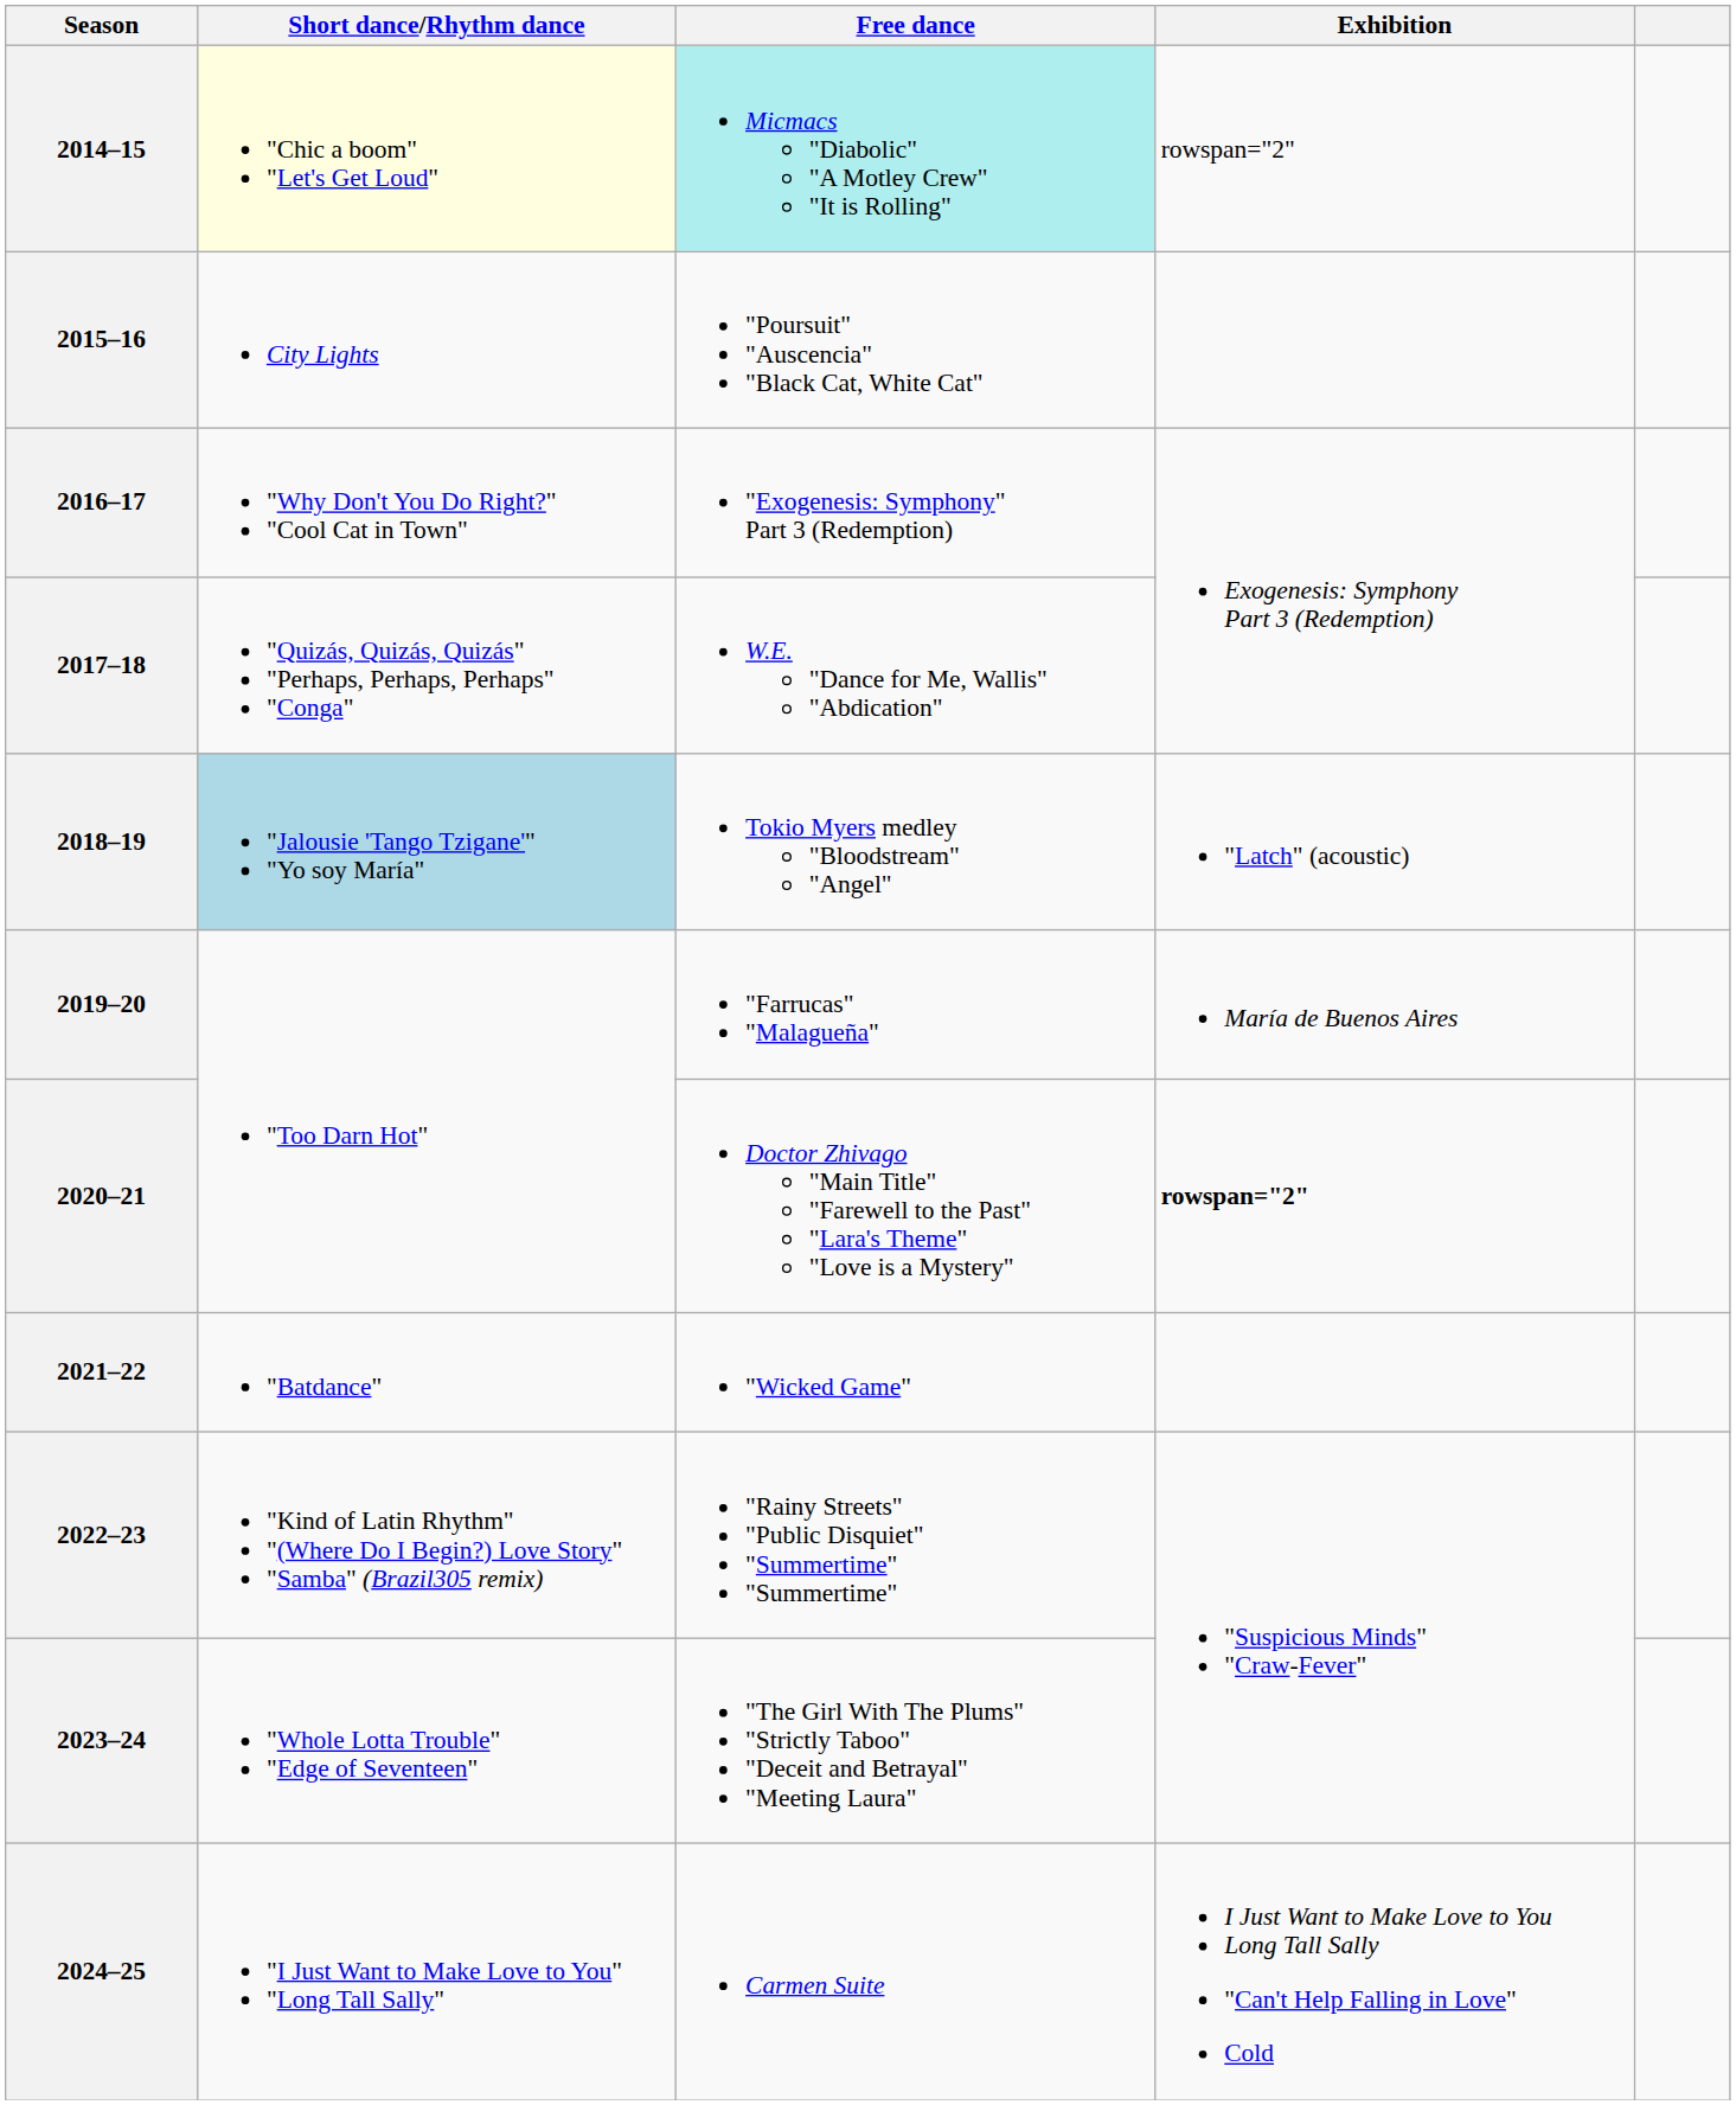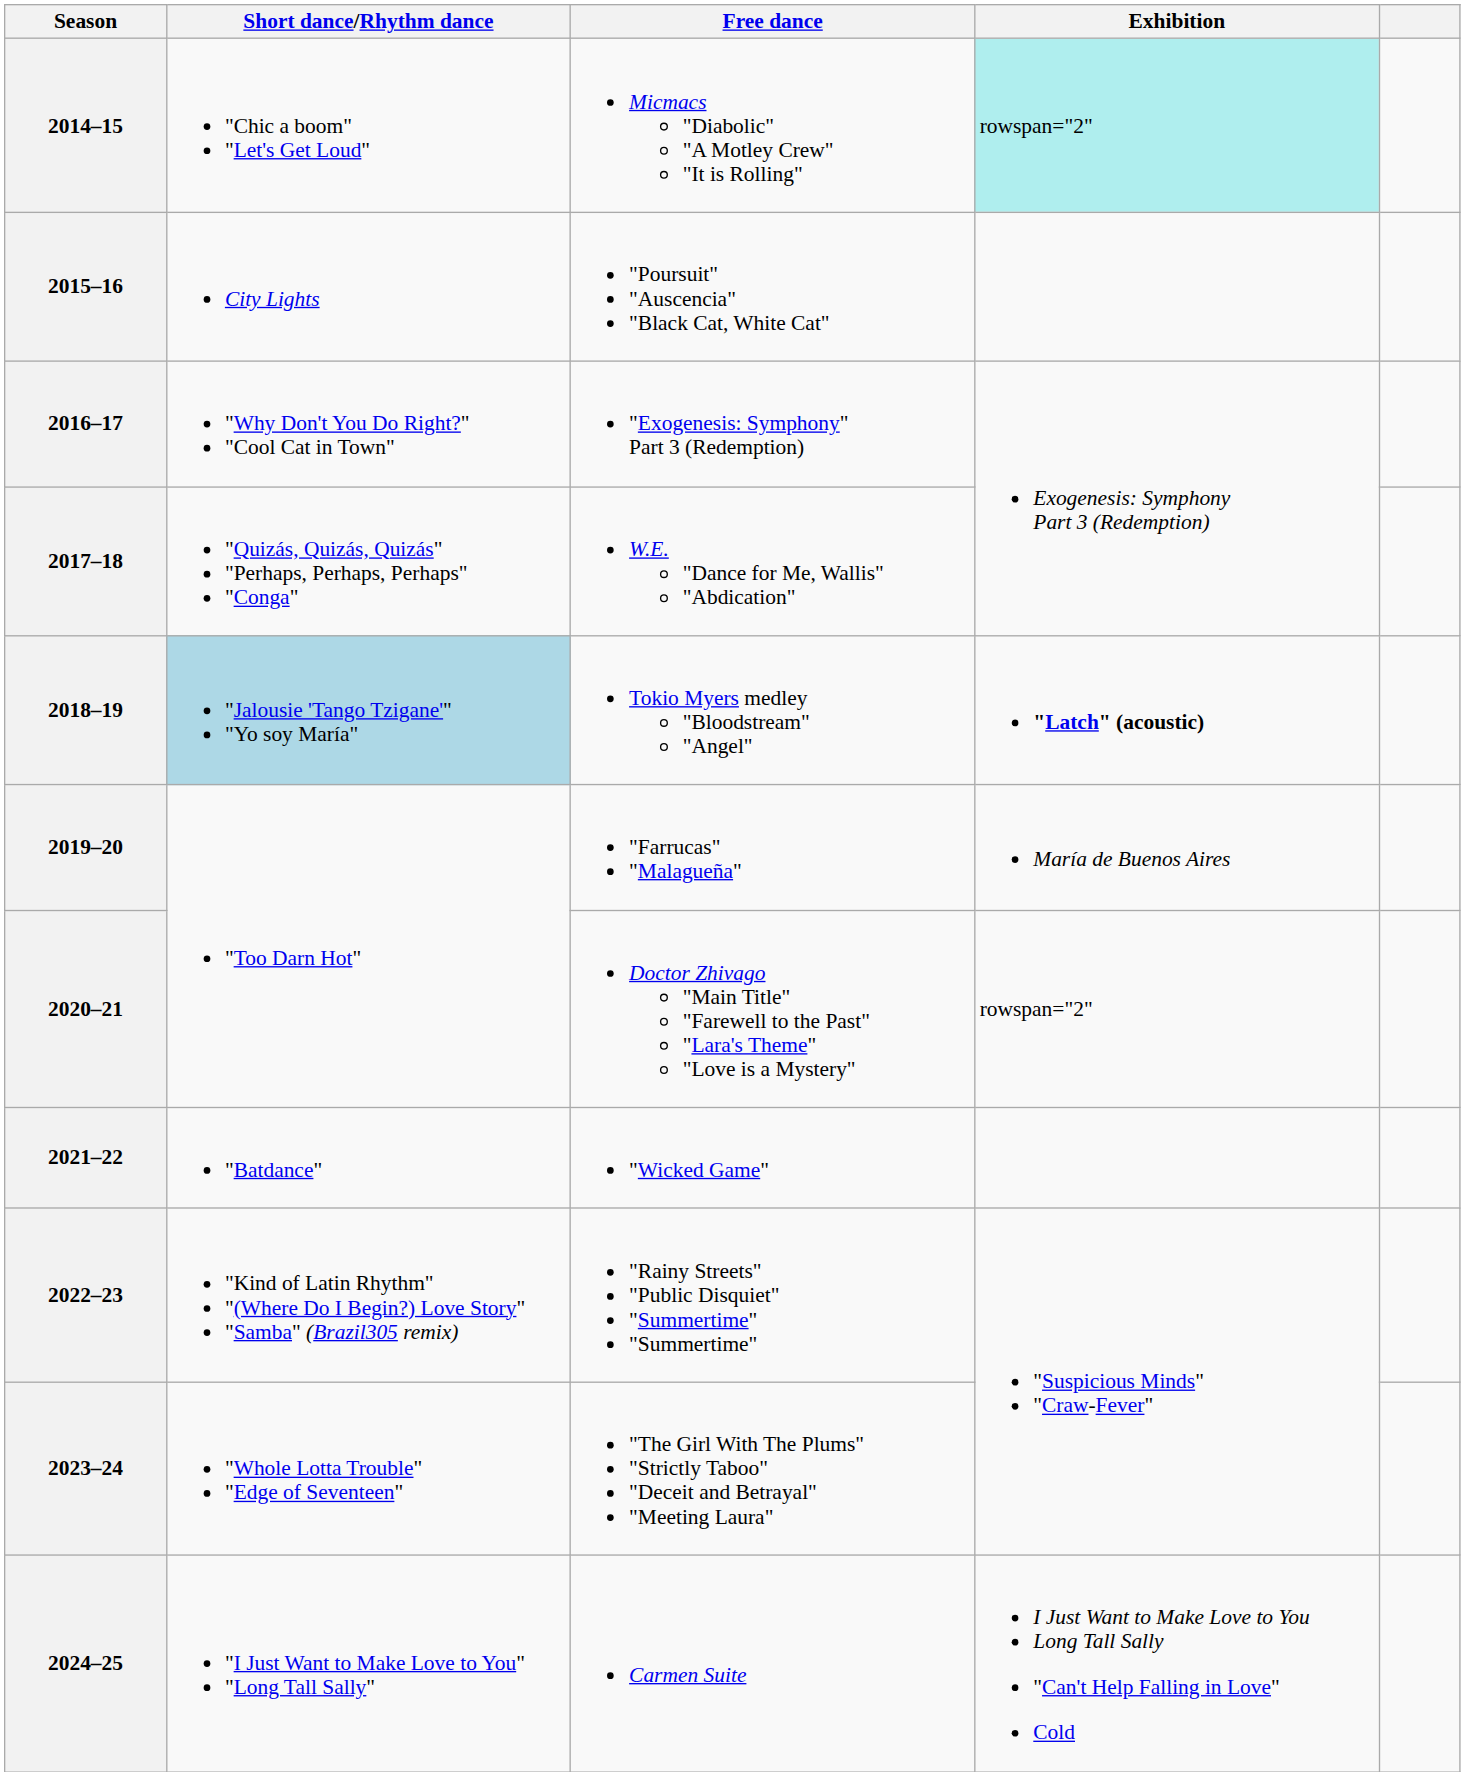 <table class="wikitable unsortable" style="text-align:left">
 <tr>
 <th scope="col" style="text-align:center; width:10%">Season</th>
 <th scope="col" style="text-align:center; width:25%"><a href='#'>Short dance</a>/<a href='#'>Rhythm dance</a></th>
 <th scope="col" style="text-align:center; width:25%"><a href='#'>Free dance</a></th>
 <th scope="col" style="text-align:center; width:25%">Exhibition</th>
 <th scope="col" style="text-align:center; width:5%"></th>
 </tr>
 <tr>
 <th scope="row">2014–15</th>
-<td style="background: lightyellow;"><br><ul><li><strong></strong> "Chic a boom"</li><li><strong></strong> "<a href='#'>Let's Get Loud</a>"<br></li></ul></td>
-<td style="background: paleturquoise;"><br><ul><li><em><a href='#'>Micmacs</a></em><br><ul><li>"Diabolic"</li><li>"A Motley Crew"</li><li>"It is Rolling" <br> </li></ul></li></ul></td>
-<td>rowspan="2" </td>
+<td><br><ul><li><strong></strong> "Chic a boom"</li><li><strong></strong> "<a href='#'>Let's Get Loud</a>"<br></li></ul></td>
+<td><br><ul><li><em><a href='#'>Micmacs</a></em><br><ul><li>"Diabolic"</li><li>"A Motley Crew"</li><li>"It is Rolling" <br> </li></ul></li></ul></td>
+<td style="background: paleturquoise;">rowspan="2" </td>
 <td></td>
 </tr>
 <tr>
 <th scope="row">2015–16</th>
 <td><br><ul><li><strong></strong> <em><a href='#'>City Lights</a></em><br></li></ul></td>
 <td><br><ul><li>"Poursuit"</li><li>"Auscencia"</li><li>"Black Cat, White Cat"<br></li></ul></td>
 <td></td>
 </tr>
 <tr>
 <th scope="row">2016–17</th>
 <td><br><ul><li><strong></strong> "<a href='#'>Why Don't You Do Right?</a>"<br></li><li><strong></strong> "Cool Cat in Town"<br></li></ul></td>
 <td><br><ul><li>"<a href='#'>Exogenesis: Symphony</a>"<br>Part 3 (Redemption)<br></li></ul></td>
 <td rowspan="2"><br><ul><li><em>Exogenesis: Symphony <br>Part 3 (Redemption)</em></li></ul></td>
 <td></td>
 </tr>
 <tr>
 <th scope="row">2017–18</th>
 <td><br><ul><li><strong></strong> "<a href='#'>Quizás, Quizás, Quizás</a>"<br></li><li><strong></strong> "Perhaps, Perhaps, Perhaps"<br></li><li><strong></strong> "<a href='#'>Conga</a>"<br></li></ul></td>
 <td><br><ul><li><em><a href='#'>W.E.</a></em><br><ul><li>"Dance for Me, Wallis"</li><li>"Abdication" <br> </li></ul></li></ul></td>
 <td></td>
 </tr>
 <tr>
 <th scope="row">2018–19</th>
 <td style="background: lightblue;"><br><ul><li><strong></strong> "<a href='#'>Jalousie 'Tango Tzigane'</a>"<br></li><li><strong></strong> "Yo soy María"<br></li></ul></td>
 <td><br><ul><li><a href='#'>Tokio Myers</a> medley<ul><li>"Bloodstream"</li><li>"Angel" <br> </li></ul></li></ul></td>
-<td><br><ul><li>"<a href='#'>Latch</a>" (acoustic)<br></li></ul></td>
+<td><strong><br><ul><li>"<a href='#'>Latch</a>" (acoustic)<br></li></ul></strong></td>
 <td></td>
 </tr>
 <tr>
 <th scope="row">2019–20</th>
 <td rowspan="2"><br><ul><li><strong></strong> "<a href='#'>Too Darn Hot</a>"<br></li></ul></td>
 <td><br><ul><li>"Farrucas"<br></li><li>"<a href='#'>Malagueña</a>"<br></li></ul></td>
 <td><br><ul><li><em>María de Buenos Aires</em><br></li></ul></td>
 <td></td>
 </tr>
 <tr>
 <th scope="row">2020–21</th>
 <td><br><ul><li><em><a href='#'>Doctor Zhivago</a></em><ul><li>"Main Title"<br> </li><li>"Farewell to the Past"<br></li><li>"<a href='#'>Lara's Theme</a>"<br></li><li>"Love is a Mystery"<br></li></ul></li></ul></td>
-<td><strong>rowspan="2" </strong></td>
+<td>rowspan="2" </td>
 <td></td>
 </tr>
 <tr>
 <th scope="row">2021–22</th>
 <td><br><ul><li>"<a href='#'>Batdance</a>"<br></li></ul></td>
 <td><br><ul><li>"<a href='#'>Wicked Game</a>"<br></li></ul></td>
 <td></td>
 </tr>
 <tr>
 <th scope="row">2022–23</th>
 <td><br><ul><li><strong></strong> "Kind of Latin Rhythm"<br></li><li><strong></strong> "<a href='#'>(Where Do I Begin?) Love Story</a>"<br></li><li><strong></strong> "<a href='#'>Samba</a>" <em>(<a href='#'>Brazil305</a> remix)</em><br></li></ul></td>
 <td><br><ul><li>"Rainy Streets"</li><li>"Public Disquiet"<br></li><li>"<a href='#'>Summertime</a>"<br></li><li>"Summertime"<br></li></ul></td>
 <td rowspan="2"><br><ul><li>"<a href='#'>Suspicious Minds</a>"</li><li>"<a href='#'>Craw</a>-<a href='#'>Fever</a>"<br></li></ul></td>
 <td></td>
 </tr>
 <tr>
 <th scope="row">2023–24</th>
 <td><br><ul><li>"<a href='#'>Whole Lotta Trouble</a>"</li><li>"<a href='#'>Edge of Seventeen</a>"<br></li></ul></td>
 <td><br><ul><li>"The Girl With The Plums"<br></li><li>"Strictly Taboo"</li><li>"Deceit and Betrayal"<br></li><li>"Meeting Laura"<br></li></ul></td>
 <td></td>
 </tr>
 <tr>
 <th rowspan="2" scope="row">2024–25</th>
 <td rowspan="2"><br><ul><li>"<a href='#'>I Just Want to Make Love to You</a>"<br></li><li>"<a href='#'>Long Tall Sally</a>"<br></li></ul></td>
 <td rowspan="2"><br><ul><li><em><a href='#'>Carmen Suite</a></em><br></li></ul></td>
 <td><br><ul><li><em>I Just Want to Make Love to You</em></li><li><em>Long Tall Sally</em></li></ul><ul><li>"<a href='#'>Can't Help Falling in Love</a>"<br></li></ul><ul><li><a href='#'>Cold</a> <br> </li></ul></td>
 <td rowspan="2"></td>
 </tr>
 </table>
